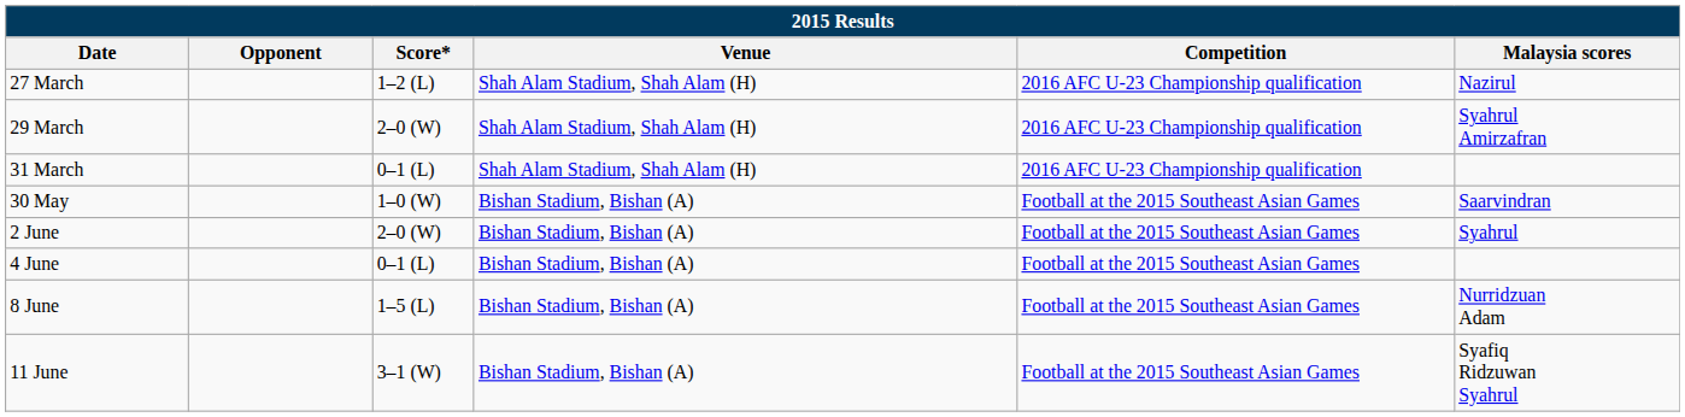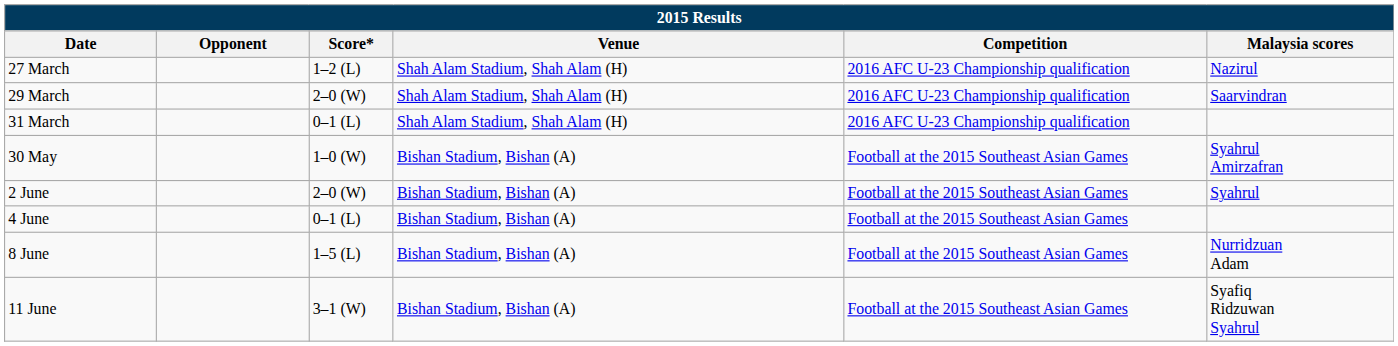 <table class="wikitable" width=100% style="text-align:left;font-size:90%;">
 <tr>
 <th colspan=9 style="background: #013A5E; color: #FFFFFF;">2015 Results</th>
 </tr>
 <tr>
 <th width=80>Date</th>
 <th width=80>Opponent</th>
 <th width=20>Score*</th>
 <th width=250>Venue</th>
 <th width=200>Competition</th>
 <th width=100>Malaysia scores</th>
 </tr>
 <tr>
 <td>27 March</td>
 <td></td>
 <td>1–2 (L)</td>
 <td><a href='#'>Shah Alam Stadium</a>, <a href='#'>Shah Alam</a> (H)</td>
 <td><a href='#'>2016 AFC U-23 Championship qualification</a></td>
 <td><a href='#'>Nazirul</a> </td>
 </tr>
 <tr>
 <td>29 March</td>
 <td></td>
 <td>2–0 (W)</td>
 <td><a href='#'>Shah Alam Stadium</a>, <a href='#'>Shah Alam</a> (H)</td>
 <td><a href='#'>2016 AFC U-23 Championship qualification</a></td>
-<td><a href='#'>Syahrul</a> <br><a href='#'>Amirzafran</a> </td>
+<td><a href='#'>Saarvindran</a> </td>
 </tr>
 <tr>
 <td>31 March</td>
 <td></td>
 <td>0–1 (L)</td>
 <td><a href='#'>Shah Alam Stadium</a>, <a href='#'>Shah Alam</a> (H)</td>
 <td><a href='#'>2016 AFC U-23 Championship qualification</a></td>
 <td></td>
 </tr>
 <tr>
 <td>30 May</td>
 <td></td>
 <td>1–0 (W)</td>
 <td><a href='#'>Bishan Stadium</a>, <a href='#'>Bishan</a> (A)</td>
 <td><a href='#'>Football at the 2015 Southeast Asian Games</a></td>
-<td><a href='#'>Saarvindran</a> </td>
+<td><a href='#'>Syahrul</a> <br><a href='#'>Amirzafran</a> </td>
 </tr>
 <tr>
 <td>2 June</td>
 <td></td>
 <td>2–0 (W)</td>
 <td><a href='#'>Bishan Stadium</a>, <a href='#'>Bishan</a> (A)</td>
 <td><a href='#'>Football at the 2015 Southeast Asian Games</a></td>
 <td><a href='#'>Syahrul</a> </td>
 </tr>
 <tr>
 <td>4 June</td>
 <td></td>
 <td>0–1 (L)</td>
 <td><a href='#'>Bishan Stadium</a>, <a href='#'>Bishan</a> (A)</td>
 <td><a href='#'>Football at the 2015 Southeast Asian Games</a></td>
 <td></td>
 </tr>
 <tr>
 <td>8 June</td>
 <td></td>
 <td>1–5 (L)</td>
 <td><a href='#'>Bishan Stadium</a>, <a href='#'>Bishan</a> (A)</td>
 <td><a href='#'>Football at the 2015 Southeast Asian Games</a></td>
 <td><a href='#'>Nurridzuan</a> <br>Adam </td>
 </tr>
 <tr>
 <td>11 June</td>
 <td></td>
 <td>3–1 (W)</td>
 <td><a href='#'>Bishan Stadium</a>, <a href='#'>Bishan</a> (A)</td>
 <td><a href='#'>Football at the 2015 Southeast Asian Games</a></td>
 <td>Syafiq <br>Ridzuwan <br><a href='#'>Syahrul</a> </td>
 </tr>
 </table>
